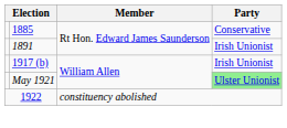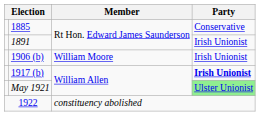 <table class="wikitable">
 <tr>
 <th colspan="2">Election</th>
 <th>Member</th>
 <th>Party</th>
 </tr>
 <tr>
 <td style="color:inherit;background-color: "></td>
 <td><a href='#'>1885</a></td>
 <td rowspan="2">Rt Hon. <a href='#'>Edward James Saunderson</a></td>
 <td><a href='#'>Conservative</a></td>
 </tr>
 <tr>
 <td style="color:inherit;background-color: "></td>
 <td><em>1891</em></td>
 <td><a href='#'>Irish Unionist</a></td>
 </tr>
 <tr>
 <td style="color:inherit;background-color: "></td>
+<td><a href='#'>1906 (b)</a></td>
+<td><a href='#'>William Moore</a></td>
+<td><a href='#'>Irish Unionist</a></td>
+</tr>
+<tr>
+<td style="color:inherit;background-color: "></td>
 <td><a href='#'>1917 (b)</a></td>
 <td rowspan="2"><a href='#'>William Allen</a></td>
-<td><a href='#'>Irish Unionist</a></td>
+<td><strong><a href='#'>Irish Unionist</a></strong></td>
 </tr>
 <tr>
 <td style="color:inherit;background-color: "></td>
 <td><em>May 1921</em></td>
 <td style="background: lightgreen;"><a href='#'>Ulster Unionist</a></td>
 </tr>
 <tr>
 <td colspan="2" align="center"><a href='#'>1922</a></td>
 <td colspan="2"><em>constituency abolished</em></td>
 </tr>
 </table>
